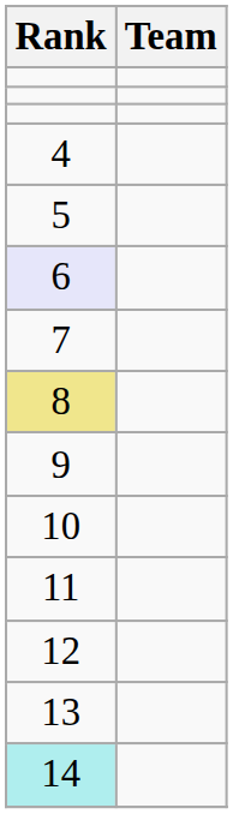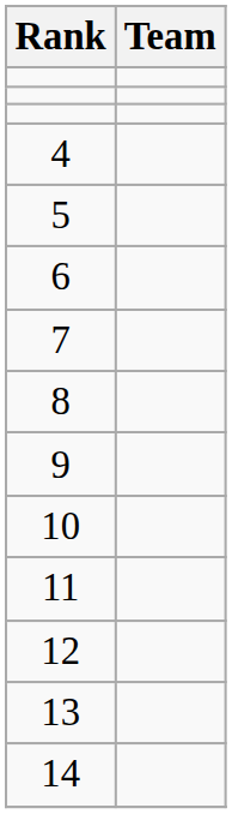 <table class="wikitable">
 <tr>
 <th>Rank</th>
 <th>Team</th>
 </tr>
 <tr>
 <td align=center></td>
 <td></td>
 </tr>
 <tr>
 <td align=center></td>
 <td></td>
 </tr>
 <tr>
 <td align=center></td>
 <td></td>
 </tr>
 <tr>
 <td align=center>4</td>
 <td></td>
 </tr>
 <tr>
 <td align=center>5</td>
 <td></td>
 </tr>
 <tr>
-<td align=center style="background: lavender;">6</td>
+<td align=center>6</td>
 <td></td>
 </tr>
 <tr>
 <td align=center>7</td>
 <td></td>
 </tr>
 <tr>
-<td align=center style="background: khaki;">8</td>
+<td align=center>8</td>
 <td></td>
 </tr>
 <tr>
 <td align=center>9</td>
 <td></td>
 </tr>
 <tr>
 <td align=center>10</td>
 <td></td>
 </tr>
 <tr>
 <td align=center>11</td>
 <td></td>
 </tr>
 <tr>
 <td align=center>12</td>
 <td></td>
 </tr>
 <tr>
 <td align=center>13</td>
 <td></td>
 </tr>
 <tr>
-<td align=center style="background: paleturquoise;">14</td>
+<td align=center>14</td>
 <td></td>
 </tr>
 <tr>
 </tr>
 </table>
